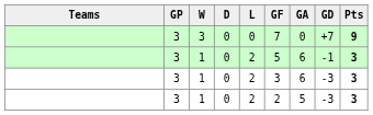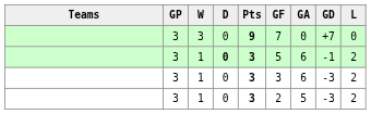 <table style=border-collapse:collapse border=1 cellspacing=0 cellpadding=5>
 <tr align=center bgcolor=#efefef>
 <th width=185>Teams</th>
 <th width=20>GP</th>
 <th width=20>W</th>
 <th width=20>D</th>
-<th width=20>L</th>
+<th width=20>Pts</th>
 <th width=20>GF</th>
 <th width=20>GA</th>
 <th width=20>GD</th>
-<th width=20>Pts</th>
+<th width=20>L</th>
 </tr>
 <tr align=center style="background:#ccffcc;">
 <td style="text-align:left;"></td>
 <td>3</td>
 <td>3</td>
 <td>0</td>
-<td>0</td>
+<td><strong>9</strong></td>
 <td>7</td>
 <td>0</td>
 <td>+7</td>
-<td><strong>9</strong></td>
+<td>0</td>
 </tr>
 <tr align=center style="background:#ccffcc;">
 <td style="text-align:left;"></td>
 <td>3</td>
 <td>1</td>
-<td>0</td>
-<td>2</td>
+<td><strong>0</strong></td>
+<td><strong>3</strong></td>
 <td>5</td>
 <td>6</td>
 <td>-1</td>
-<td><strong>3</strong></td>
+<td>2</td>
 </tr>
 <tr align=center>
 <td style="text-align:left;"></td>
 <td>3</td>
 <td>1</td>
 <td>0</td>
-<td>2</td>
+<td><strong>3</strong></td>
 <td>3</td>
 <td>6</td>
 <td>-3</td>
-<td><strong>3</strong></td>
+<td>2</td>
 </tr>
 <tr align=center>
 <td style="text-align:left;"></td>
 <td>3</td>
 <td>1</td>
 <td>0</td>
-<td>2</td>
+<td><strong>3</strong></td>
 <td>2</td>
 <td>5</td>
 <td>-3</td>
-<td><strong>3</strong></td>
+<td>2</td>
 </tr>
 </table>
